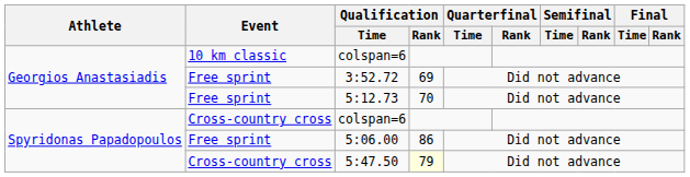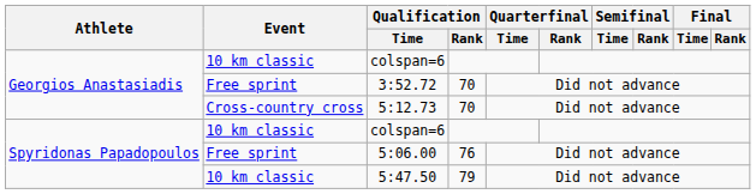 <table class="wikitable" style="font-size:90%">
 <tr>
 <th rowspan="2">Athlete</th>
 <th rowspan="2">Event</th>
 <th colspan="2">Qualification</th>
 <th colspan="2">Quarterfinal</th>
 <th colspan="2">Semifinal</th>
 <th colspan="2">Final</th>
 </tr>
 <tr style="font-size:95%">
 <th>Time</th>
 <th>Rank</th>
 <th>Time</th>
 <th>Rank</th>
 <th>Time</th>
 <th>Rank</th>
 <th>Time</th>
 <th>Rank</th>
 </tr>
 <tr align=center>
 <td align=left rowspan=3><a href='#'>Georgios Anastasiadis</a></td>
 <td align=left><a href='#'>10 km classic</a></td>
 <td>colspan=6 </td>
 <td colspan=2></td>
 </tr>
 <tr align=center>
 <td align=left><a href='#'>Free sprint</a></td>
 <td>3:52.72</td>
-<td>69</td>
+<td>70</td>
 <td colspan=6>Did not advance</td>
 </tr>
 <tr align=center>
-<td align=left><a href='#'>Free sprint</a></td>
+<td align=left><a href='#'>Cross-country cross</a></td>
 <td>5:12.73</td>
 <td>70</td>
 <td colspan=6>Did not advance</td>
 </tr>
 <tr align=center>
 <td align=left rowspan=3><a href='#'>Spyridonas Papadopoulos</a></td>
-<td align=left><a href='#'>Cross-country cross</a></td>
+<td align=left><a href='#'>10 km classic</a></td>
 <td>colspan=6 </td>
 <td colspan=2></td>
 </tr>
 <tr align=center>
 <td align=left><a href='#'>Free sprint</a></td>
 <td>5:06.00</td>
-<td>86</td>
+<td>76</td>
 <td colspan=6>Did not advance</td>
 </tr>
 <tr align=center>
-<td align=left><a href='#'>Cross-country cross</a></td>
+<td align=left><a href='#'>10 km classic</a></td>
 <td>5:47.50</td>
-<td style="background: lightyellow;">79</td>
+<td>79</td>
 <td colspan=6>Did not advance</td>
 </tr>
 </table>
